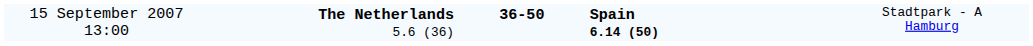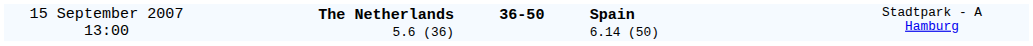 <table style="width: 100%; background:#F5FAFF;" cellspacing="0">
 <tr>
 <td align=center rowspan=3 width=20%>15 September 2007<br>13:00</td>
 </tr>
 <tr>
 <td width=24% align=right><strong>The Netherlands</strong></td>
 <td align=center width=13%><strong>36-50</strong></td>
 <td width=24%><strong>Spain</strong></td>
 <td style=font-size:85% rowspan=3 valign=top align=center>Stadtpark - A <br><a href='#'>Hamburg</a></td>
 </tr>
 <tr style=font-size:85%>
 <td align=right>5.6 (36)</td>
 <td align=center></td>
-<td><strong>6.14 (50)</strong></td>
+<td>6.14 (50)</td>
 </tr>
 </table>
